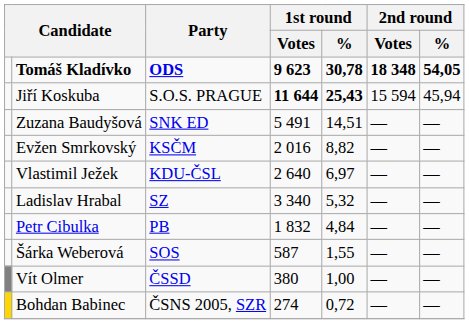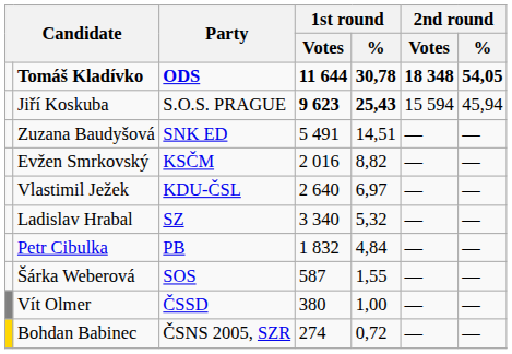 <table class="wikitable sortable">
 <tr>
 <th colspan="2" rowspan="2">Candidate</th>
 <th rowspan="2">Party</th>
 <th colspan="2">1st round</th>
 <th colspan="2">2nd round</th>
 </tr>
 <tr>
 <th>Votes</th>
 <th>%</th>
 <th>Votes</th>
 <th>%</th>
 </tr>
 <tr>
 <td style="background-color:"></td>
 <td><strong>Tomáš Kladívko</strong></td>
 <td><a href='#'><strong>ODS</strong></a></td>
-<td><strong>9 623</strong></td>
+<td><strong>11 644</strong></td>
 <td><strong>30,78</strong></td>
 <td><strong>18 348</strong></td>
 <td><strong>54,05</strong></td>
 </tr>
 <tr>
 <td style="background-color:"></td>
 <td>Jiří Koskuba</td>
 <td>S.O.S. PRAGUE</td>
-<td><strong>11 644</strong></td>
+<td><strong>9 623</strong></td>
 <td><strong>25,43</strong></td>
 <td>15 594</td>
 <td>45,94</td>
 </tr>
 <tr>
 <td style="background-color:"></td>
 <td>Zuzana Baudyšová</td>
 <td><a href='#'>SNK ED</a></td>
 <td>5 491</td>
 <td>14,51</td>
 <td>—</td>
 <td>—</td>
 </tr>
 <tr>
 <td style="background-color:"></td>
 <td>Evžen Smrkovský</td>
 <td><a href='#'>KSČM</a></td>
 <td>2 016</td>
 <td>8,82</td>
 <td>—</td>
 <td>—</td>
 </tr>
 <tr>
 <td style="background-color:"></td>
 <td>Vlastimil Ježek</td>
 <td><a href='#'>KDU-ČSL</a></td>
 <td>2 640</td>
 <td>6,97</td>
 <td>—</td>
 <td>—</td>
 </tr>
 <tr>
 <td style="background-color:"></td>
 <td>Ladislav Hrabal</td>
 <td><a href='#'>SZ</a></td>
 <td>3 340</td>
 <td>5,32</td>
 <td>—</td>
 <td>—</td>
 </tr>
 <tr>
 <td style="background-color:"></td>
 <td><a href='#'>Petr Cibulka</a></td>
 <td><a href='#'>PB</a></td>
 <td>1 832</td>
 <td>4,84</td>
 <td>—</td>
 <td>—</td>
 </tr>
 <tr>
 <td style="background-color:"></td>
 <td>Šárka Weberová</td>
 <td><a href='#'>SOS</a></td>
 <td>587</td>
 <td>1,55</td>
 <td>—</td>
 <td>—</td>
 </tr>
 <tr>
 <td style="background-color:grey"></td>
 <td>Vít Olmer</td>
 <td><a href='#'>ČSSD</a></td>
 <td>380</td>
 <td>1,00</td>
 <td>—</td>
 <td>—</td>
 </tr>
 <tr>
 <td style="background-color:gold;"></td>
 <td>Bohdan Babinec</td>
 <td>ČSNS 2005, <a href='#'>SZR</a></td>
 <td>274</td>
 <td>0,72</td>
 <td>—</td>
 <td>—</td>
 </tr>
 <tr>
 </tr>
 </table>
